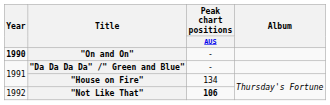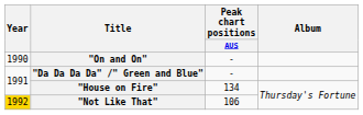 <table class="wikitable plainrowheaders" style="text-align:center;">
 <tr>
 <th scope="col" rowspan="2">Year</th>
 <th scope="col" rowspan="2">Title</th>
 <th scope="col" colspan="1">Peak chart<br>positions</th>
 <th scope="col" rowspan="2">Album</th>
 </tr>
 <tr>
 <th scope="col" style="width:3em; font-size:85%"><a href='#'>AUS</a><br></th>
 </tr>
 <tr>
-<td><strong>1990</strong></td>
+<td>1990</td>
 <th scope="row">"On and On"</th>
 <td>-</td>
 <td></td>
 </tr>
 <tr>
 <td rowspan="2">1991</td>
 <th scope="row">"Da Da Da Da" /" Green and Blue"</th>
 <td>-</td>
 <td></td>
 </tr>
 <tr>
 <th scope="row">"House on Fire"</th>
 <td>134</td>
 <td rowspan="2"><em>Thursday's Fortune</em></td>
 </tr>
 <tr>
-<td>1992</td>
+<td style="background: gold;">1992</td>
 <th scope="row">"Not Like That"</th>
-<td><strong>106</strong></td>
+<td>106</td>
 </tr>
 </table>
